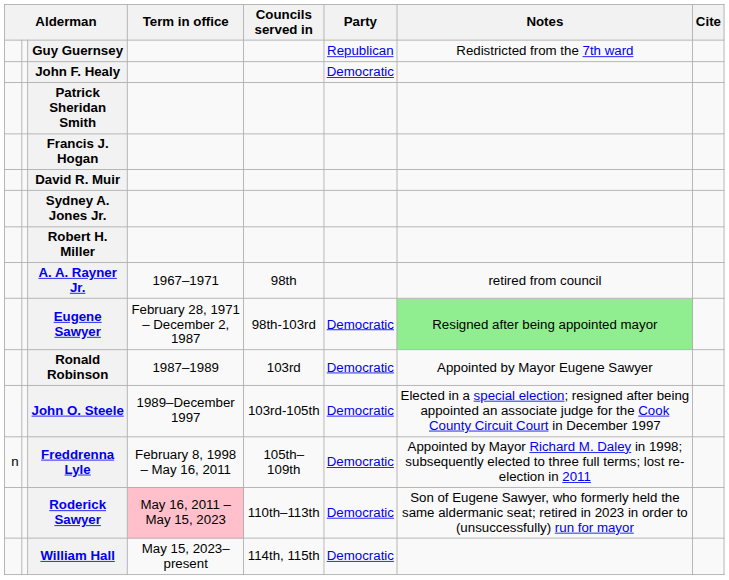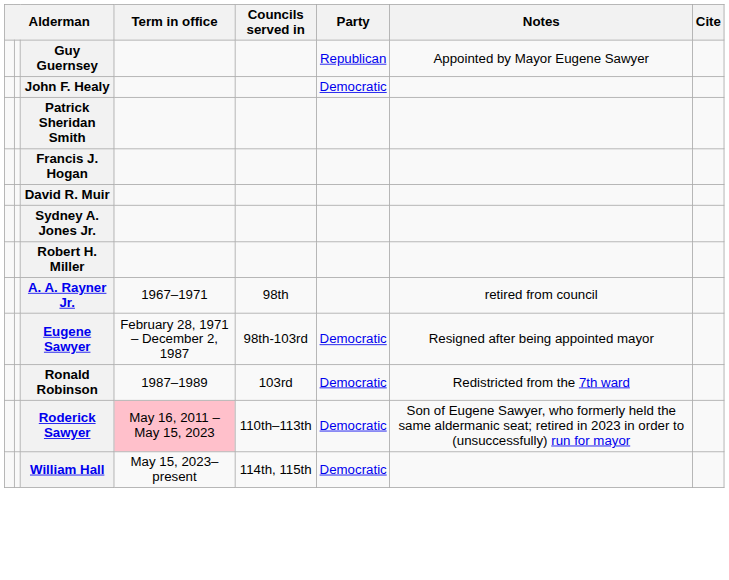 <table class="wikitable" style="text-align:center;">
 <tr>
 <th scope="col" colspan="3">Alderman</th>
 <th scope="col">Term in office</th>
 <th scope="col">Councils served in</th>
 <th scope="col">Party</th>
 <th scope="col">Notes</th>
 <th scope="col">Cite</th>
 </tr>
 <tr>
 <td> </td>
 <td></td>
 <th scope="row">Guy Guernsey</th>
 <td></td>
 <td></td>
 <td><a href='#'>Republican</a></td>
-<td>Redistricted from the <a href='#'>7th ward</a></td>
+<td>Appointed by Mayor Eugene Sawyer</td>
 <td></td>
 </tr>
 <tr>
 <td> </td>
 <td></td>
 <th scope="row">John F. Healy</th>
 <td></td>
 <td></td>
 <td><a href='#'>Democratic</a></td>
 <td></td>
 <td></td>
 </tr>
 <tr>
 <td></td>
 <td></td>
 <th scope="row">Patrick Sheridan Smith</th>
 <td></td>
 <td></td>
 <td></td>
 <td></td>
 <td></td>
 </tr>
 <tr>
 <td></td>
 <td></td>
 <th scope="row">Francis J. Hogan</th>
 <td></td>
 <td></td>
 <td></td>
 <td></td>
 <td></td>
 </tr>
 <tr>
 <td></td>
 <td></td>
 <th scope="row">David R. Muir</th>
 <td></td>
 <td></td>
 <td></td>
 <td></td>
 <td></td>
 </tr>
 <tr>
 <td></td>
 <td></td>
 <th scope="row">Sydney A. Jones Jr.</th>
 <td></td>
 <td></td>
 <td></td>
 <td></td>
 <td></td>
 </tr>
 <tr>
 <td></td>
 <td></td>
 <th scope="row">Robert H. Miller</th>
 <td></td>
 <td></td>
 <td></td>
 <td></td>
 <td></td>
 </tr>
 <tr>
 <td></td>
 <td></td>
 <th scope="row"><a href='#'>A. A. Rayner Jr.</a></th>
 <td>1967–1971</td>
 <td>98th</td>
 <td></td>
 <td>retired from council</td>
 <td></td>
 </tr>
 <tr>
 <td> </td>
 <td></td>
 <th scope="row"><a href='#'>Eugene Sawyer</a></th>
 <td>February 28, 1971 – December 2, 1987</td>
 <td>98th-103rd</td>
 <td><a href='#'>Democratic</a></td>
-<td style="background: lightgreen;">Resigned after being appointed mayor</td>
+<td>Resigned after being appointed mayor</td>
 <td></td>
 </tr>
 <tr>
 <td> </td>
 <td></td>
 <th scope="row">Ronald Robinson</th>
 <td>1987–1989</td>
 <td>103rd</td>
 <td><a href='#'>Democratic</a></td>
-<td>Appointed by Mayor Eugene Sawyer</td>
-<td></td>
-</tr>
-<tr>
-<td> </td>
-<td></td>
-<th scope="row"><a href='#'>John O. Steele</a></th>
-<td>1989–December 1997</td>
-<td>103rd-105th</td>
-<td><a href='#'>Democratic</a></td>
-<td>Elected in a <a href='#'>special election</a>; resigned after being appointed an associate judge for the <a href='#'>Cook County Circuit Court</a> in December 1997</td>
-<td></td>
-</tr>
-<tr>
-<td> n</td>
-<td></td>
-<th scope="row"><a href='#'>Freddrenna Lyle</a></th>
-<td>February 8, 1998 – May 16, 2011</td>
-<td>105th–109th</td>
-<td><a href='#'>Democratic</a></td>
-<td>Appointed by Mayor <a href='#'>Richard M. Daley</a> in 1998; subsequently elected to three full terms; lost re-election in <a href='#'>2011</a></td>
+<td>Redistricted from the <a href='#'>7th ward</a></td>
 <td></td>
 </tr>
 <tr>
 <td> </td>
 <td></td>
 <th scope="row"><a href='#'>Roderick Sawyer</a></th>
 <td style="background: pink;">May 16, 2011 – May 15, 2023</td>
 <td>110th–113th</td>
 <td><a href='#'>Democratic</a></td>
 <td>Son of Eugene Sawyer, who formerly held the same aldermanic seat; retired in 2023 in order to (unsuccessfully) <a href='#'>run for mayor</a></td>
 <td></td>
 </tr>
 <tr>
 <td> </td>
 <td></td>
 <th scope="row"><a href='#'>William Hall</a></th>
 <td>May 15, 2023–present</td>
 <td>114th, 115th</td>
 <td><a href='#'>Democratic</a></td>
 <td></td>
 <td></td>
 </tr>
 </table>
